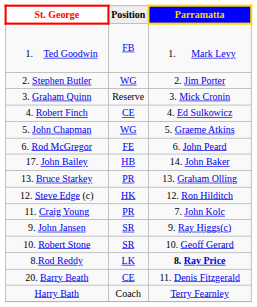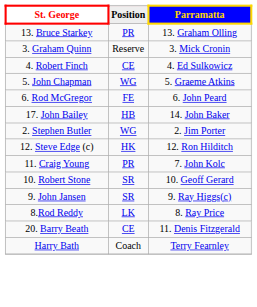 <table align="right" class="wikitable" style="font-size:90%; margin-left:1em">
 <tr bgcolor="#FF0033">
 <th style="width:140px; border:3px solid red; background: white; color: red">St. George</th>
 <th style="width:40px; text-align:center; background:#eee; color:black;">Position</th>
 <th style="width:140px; border:3px solid gold; background: blue; color: gold">Parramatta</th>
 </tr>
 <tr align=center>
-<td><br><ol><li><a href='#'>Ted Goodwin</a></li></ol></td>
-<td><a href='#'>FB</a></td>
-<td><br><ol><li><a href='#'>Mark Levy</a></li></ol></td>
-</tr>
-<tr align=center>
-<td>2. <a href='#'>Stephen Butler</a></td>
-<td><a href='#'>WG</a></td>
-<td>2. <a href='#'>Jim Porter</a></td>
+<td>13. <a href='#'>Bruce Starkey</a></td>
+<td><a href='#'>PR</a></td>
+<td>13. <a href='#'>Graham Olling</a></td>
 </tr>
 <tr align=center>
 <td>3. <a href='#'>Graham Quinn</a></td>
 <td>Reserve</td>
 <td>3. <a href='#'>Mick Cronin</a></td>
 </tr>
 <tr align=center>
 <td>4. <a href='#'>Robert Finch</a></td>
 <td><a href='#'>CE</a></td>
 <td>4. <a href='#'>Ed Sulkowicz</a></td>
 </tr>
 <tr align=center>
 <td>5. <a href='#'>John Chapman</a></td>
 <td><a href='#'>WG</a></td>
 <td>5. <a href='#'>Graeme Atkins</a></td>
 </tr>
 <tr align=center>
 <td>6. <a href='#'>Rod McGregor</a></td>
 <td><a href='#'>FE</a></td>
 <td>6. <a href='#'>John Peard</a></td>
 </tr>
 <tr align=center>
 <td>17. <a href='#'>John Bailey</a></td>
 <td><a href='#'>HB</a></td>
 <td>14. <a href='#'>John Baker</a></td>
 </tr>
 <tr align=center>
-<td>13. <a href='#'>Bruce Starkey</a></td>
-<td><a href='#'>PR</a></td>
-<td>13. <a href='#'>Graham Olling</a></td>
+<td>2. <a href='#'>Stephen Butler</a></td>
+<td><a href='#'>WG</a></td>
+<td>2. <a href='#'>Jim Porter</a></td>
 </tr>
 <tr align=center>
 <td>12. <a href='#'>Steve Edge</a> (c)</td>
 <td><a href='#'>HK</a></td>
 <td>12. <a href='#'>Ron Hilditch</a></td>
 </tr>
 <tr align=center>
 <td>11. <a href='#'>Craig Young</a></td>
 <td><a href='#'>PR</a></td>
 <td>7. <a href='#'>John Kolc</a></td>
 </tr>
 <tr align=center>
+<td>10. <a href='#'>Robert Stone</a></td>
+<td><a href='#'>SR</a></td>
+<td>10. <a href='#'>Geoff Gerard</a></td>
+</tr>
+<tr align=center>
 <td>9. <a href='#'>John Jansen</a></td>
 <td><a href='#'>SR</a></td>
 <td>9. <a href='#'>Ray Higgs(c)</a></td>
 </tr>
 <tr align=center>
-<td>10. <a href='#'>Robert Stone</a></td>
-<td><a href='#'>SR</a></td>
-<td>10. <a href='#'>Geoff Gerard</a></td>
-</tr>
-<tr align=center>
 <td>8.<a href='#'>Rod Reddy</a></td>
 <td><a href='#'>LK</a></td>
-<td><strong>8. <a href='#'>Ray Price</a></strong></td>
+<td>8. <a href='#'>Ray Price</a></td>
 </tr>
 <tr align=center>
 <td>20. <a href='#'>Barry Beath</a></td>
 <td><a href='#'>CE</a></td>
 <td>11. <a href='#'>Denis Fitzgerald</a></td>
 </tr>
 <tr align=center>
 <td><a href='#'>Harry Bath</a></td>
 <td>Coach</td>
 <td><a href='#'>Terry Fearnley</a></td>
 </tr>
 <tr>
 </tr>
 </table>
